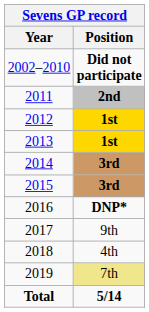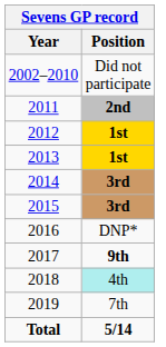 <table class="wikitable" style="text-align: center;">
 <tr>
 <th colspan=10><a href='#'>Sevens GP record</a></th>
 </tr>
 <tr>
 <th>Year</th>
 <th>Position</th>
 </tr>
 <tr>
 <td><a href='#'>2002</a>–<a href='#'>2010</a></td>
-<td><strong>Did not <br> participate</strong></td>
+<td>Did not <br> participate</td>
 </tr>
 <tr>
 <td> <a href='#'>2011</a></td>
 <td style="background:silver"><strong>2nd</strong></td>
 </tr>
 <tr>
 <td> <a href='#'>2012</a></td>
 <td style="background:gold"><strong>1st</strong></td>
 </tr>
 <tr>
 <td>  <a href='#'>2013</a></td>
 <td style="background:gold"><strong>1st</strong></td>
 </tr>
 <tr>
 <td> <a href='#'>2014</a></td>
 <td style="background:#cc9966"><strong>3rd</strong></td>
 </tr>
 <tr>
 <td> <a href='#'>2015</a></td>
 <td style="background:#cc9966"><strong>3rd</strong></td>
 </tr>
 <tr>
 <td>2016</td>
-<td><strong>DNP*</strong></td>
+<td>DNP*</td>
 </tr>
 <tr>
 <td>2017</td>
-<td>9th</td>
+<td><strong>9th</strong></td>
 </tr>
 <tr>
 <td>2018</td>
-<td>4th</td>
+<td style="background: paleturquoise;">4th</td>
 </tr>
 <tr>
 <td>2019</td>
-<td style="background: khaki;">7th</td>
+<td>7th</td>
 </tr>
 <tr>
 <td colspan=1><strong>Total</strong></td>
 <td><strong>5/14</strong></td>
 </tr>
 </table>
